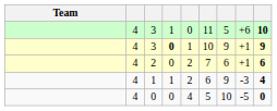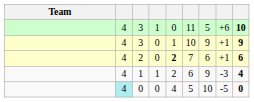 <table class="wikitable" style="text-align:center;">
 <tr>
 <th width="175">Team</th>
 <th width="20"></th>
 <th width="20"></th>
 <th width="20"></th>
 <th width="20"></th>
 <th width="20"></th>
 <th width="20"></th>
 <th width="20"></th>
 <th width="20"></th>
 </tr>
 <tr bgcolor="#ccffcc">
 <td align=left></td>
 <td>4</td>
 <td>3</td>
 <td>1</td>
 <td>0</td>
 <td>11</td>
 <td>5</td>
 <td>+6</td>
 <td><strong>10</strong></td>
 </tr>
 <tr bgcolor="#ffffcc">
 <td align=left></td>
 <td>4</td>
 <td>3</td>
-<td><strong>0</strong></td>
+<td>0</td>
 <td>1</td>
 <td>10</td>
 <td>9</td>
 <td>+1</td>
 <td><strong>9</strong></td>
 </tr>
 <tr bgcolor="#ffffcc">
 <td align=left></td>
 <td>4</td>
 <td>2</td>
 <td>0</td>
-<td>2</td>
+<td><strong>2</strong></td>
 <td>7</td>
 <td>6</td>
 <td>+1</td>
 <td><strong>6</strong></td>
 </tr>
 <tr>
 <td align=left></td>
 <td>4</td>
 <td>1</td>
 <td>1</td>
 <td>2</td>
 <td>6</td>
 <td>9</td>
 <td>-3</td>
 <td><strong>4</strong></td>
 </tr>
 <tr>
 <td align=left></td>
-<td>4</td>
+<td style="background: paleturquoise;">4</td>
 <td>0</td>
 <td>0</td>
 <td>4</td>
 <td>5</td>
 <td>10</td>
 <td>-5</td>
 <td><strong>0</strong></td>
 </tr>
 </table>
